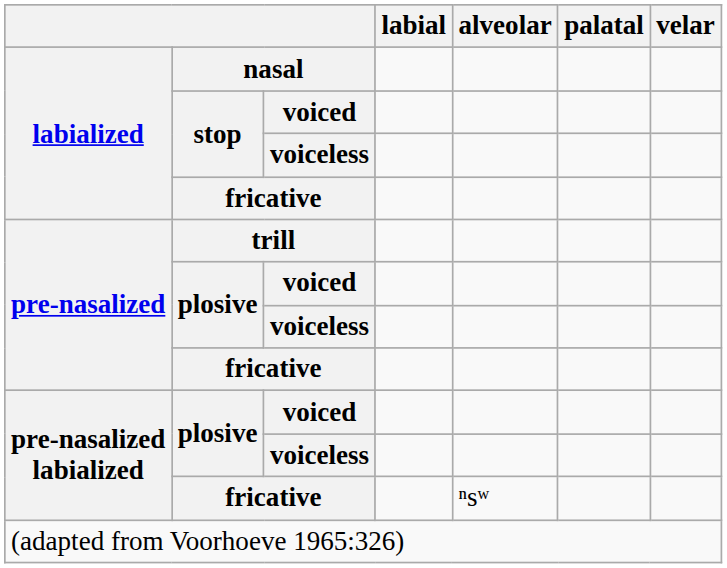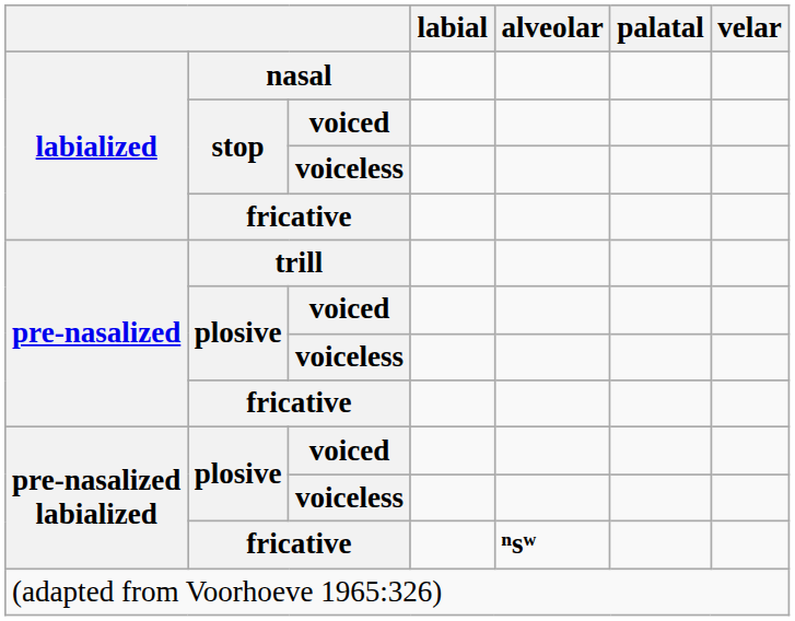 <table class="wikitable">
 <tr>
 <th colspan=3 rowspan=1></th>
 <th>labial</th>
 <th>alveolar</th>
 <th>palatal</th>
 <th>velar</th>
 </tr>
 <tr>
 <th rowspan=4><a href='#'>labialized</a></th>
 <th colspan=2>nasal</th>
 <td></td>
 <td></td>
 <td></td>
 <td></td>
 </tr>
 <tr>
 <th rowspan=2>stop</th>
 <th>voiced</th>
 <td></td>
 <td></td>
 <td></td>
 <td></td>
 </tr>
 <tr>
 <th>voiceless</th>
 <td></td>
 <td></td>
 <td></td>
 <td></td>
 </tr>
 <tr>
 <th colspan=2>fricative</th>
 <td></td>
 <td></td>
 <td></td>
 <td></td>
 </tr>
 <tr>
 <th rowspan=4><a href='#'>pre-nasalized</a></th>
 <th colspan=2>trill</th>
 <td></td>
 <td></td>
 <td></td>
 <td></td>
 </tr>
 <tr>
 <th rowspan=2>plosive</th>
 <th>voiced</th>
 <td></td>
 <td></td>
 <td></td>
 <td></td>
 </tr>
 <tr>
 <th>voiceless</th>
 <td></td>
 <td></td>
 <td></td>
 <td></td>
 </tr>
 <tr>
 <th colspan=2>fricative</th>
 <td></td>
 <td></td>
 <td></td>
 <td></td>
 </tr>
 <tr>
 <th rowspan=3>pre-nasalized<br>labialized</th>
 <th rowspan=2>plosive</th>
 <th>voiced</th>
 <td></td>
 <td></td>
 <td></td>
 <td></td>
 </tr>
 <tr>
 <th>voiceless</th>
 <td></td>
 <td></td>
 <td></td>
 <td></td>
 </tr>
 <tr>
 <th colspan=2>fricative</th>
 <td></td>
-<td>ⁿsʷ</td>
+<td><strong>ⁿsʷ</strong></td>
 <td></td>
 <td></td>
 </tr>
 <tr>
 <td colspan="7">(adapted from Voorhoeve 1965:326)</td>
 </tr>
 </table>
